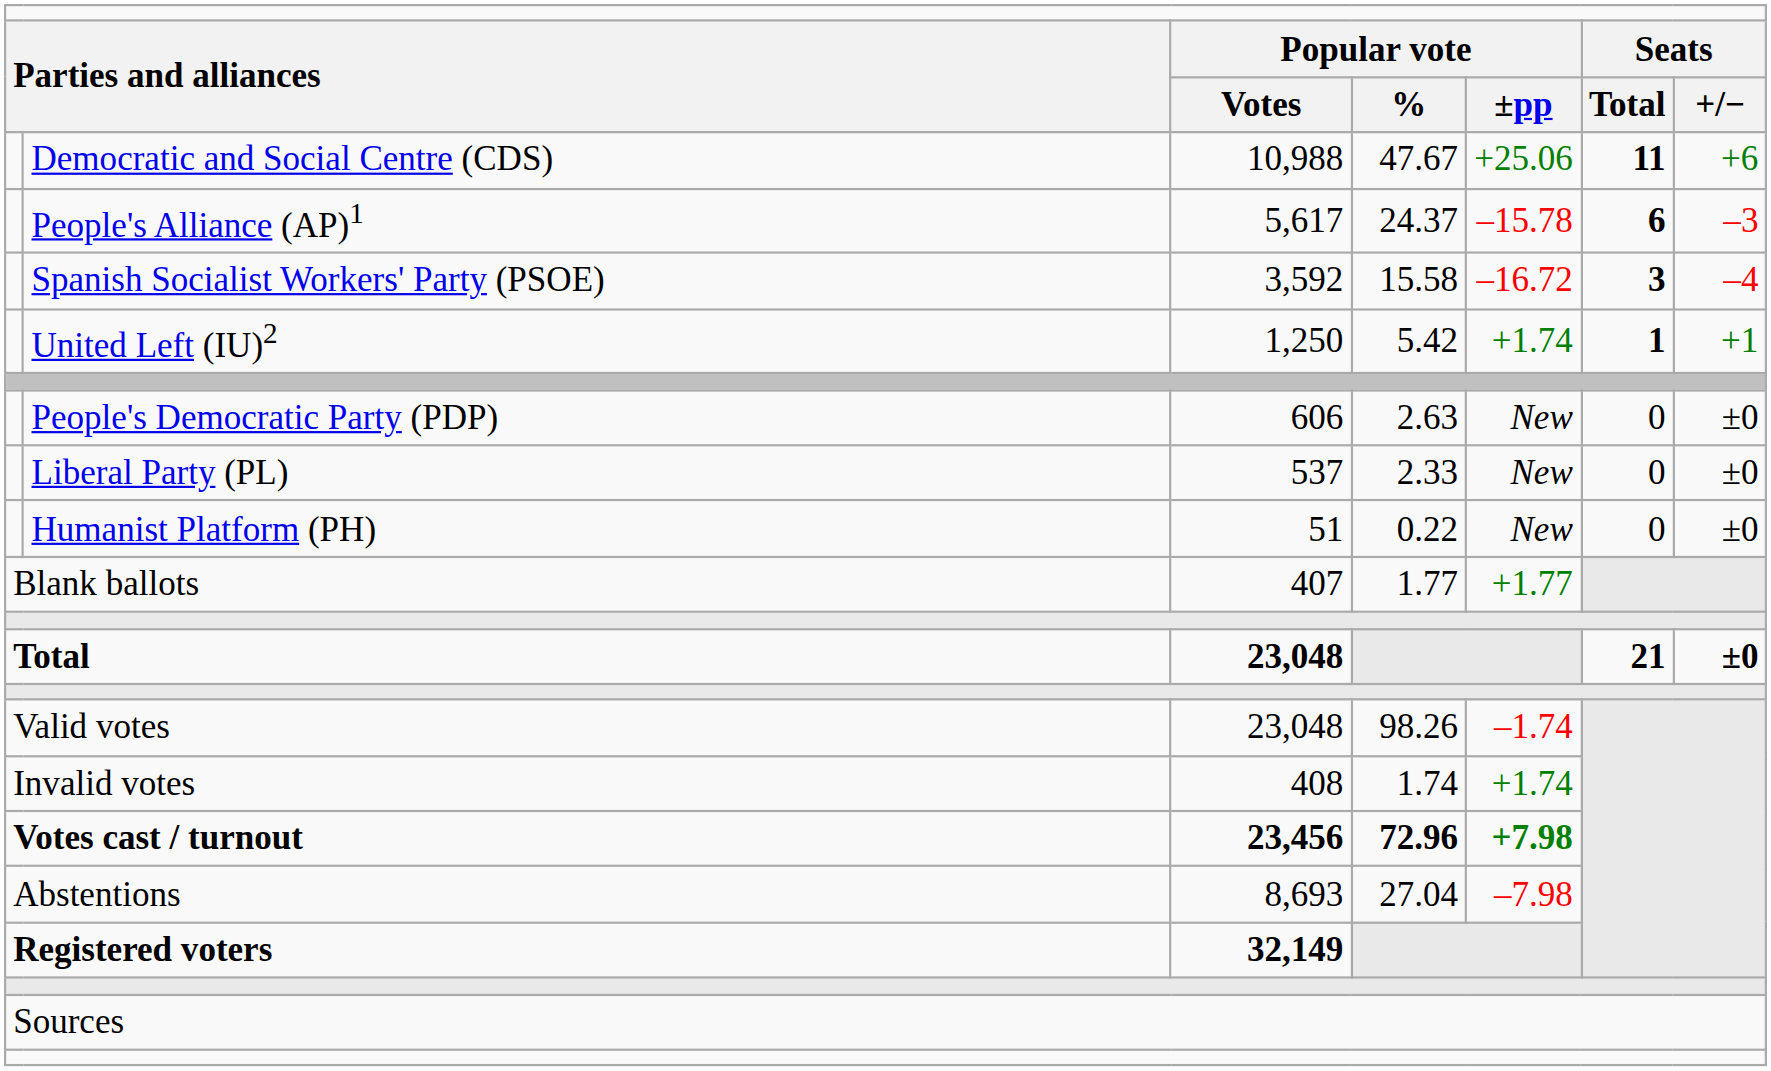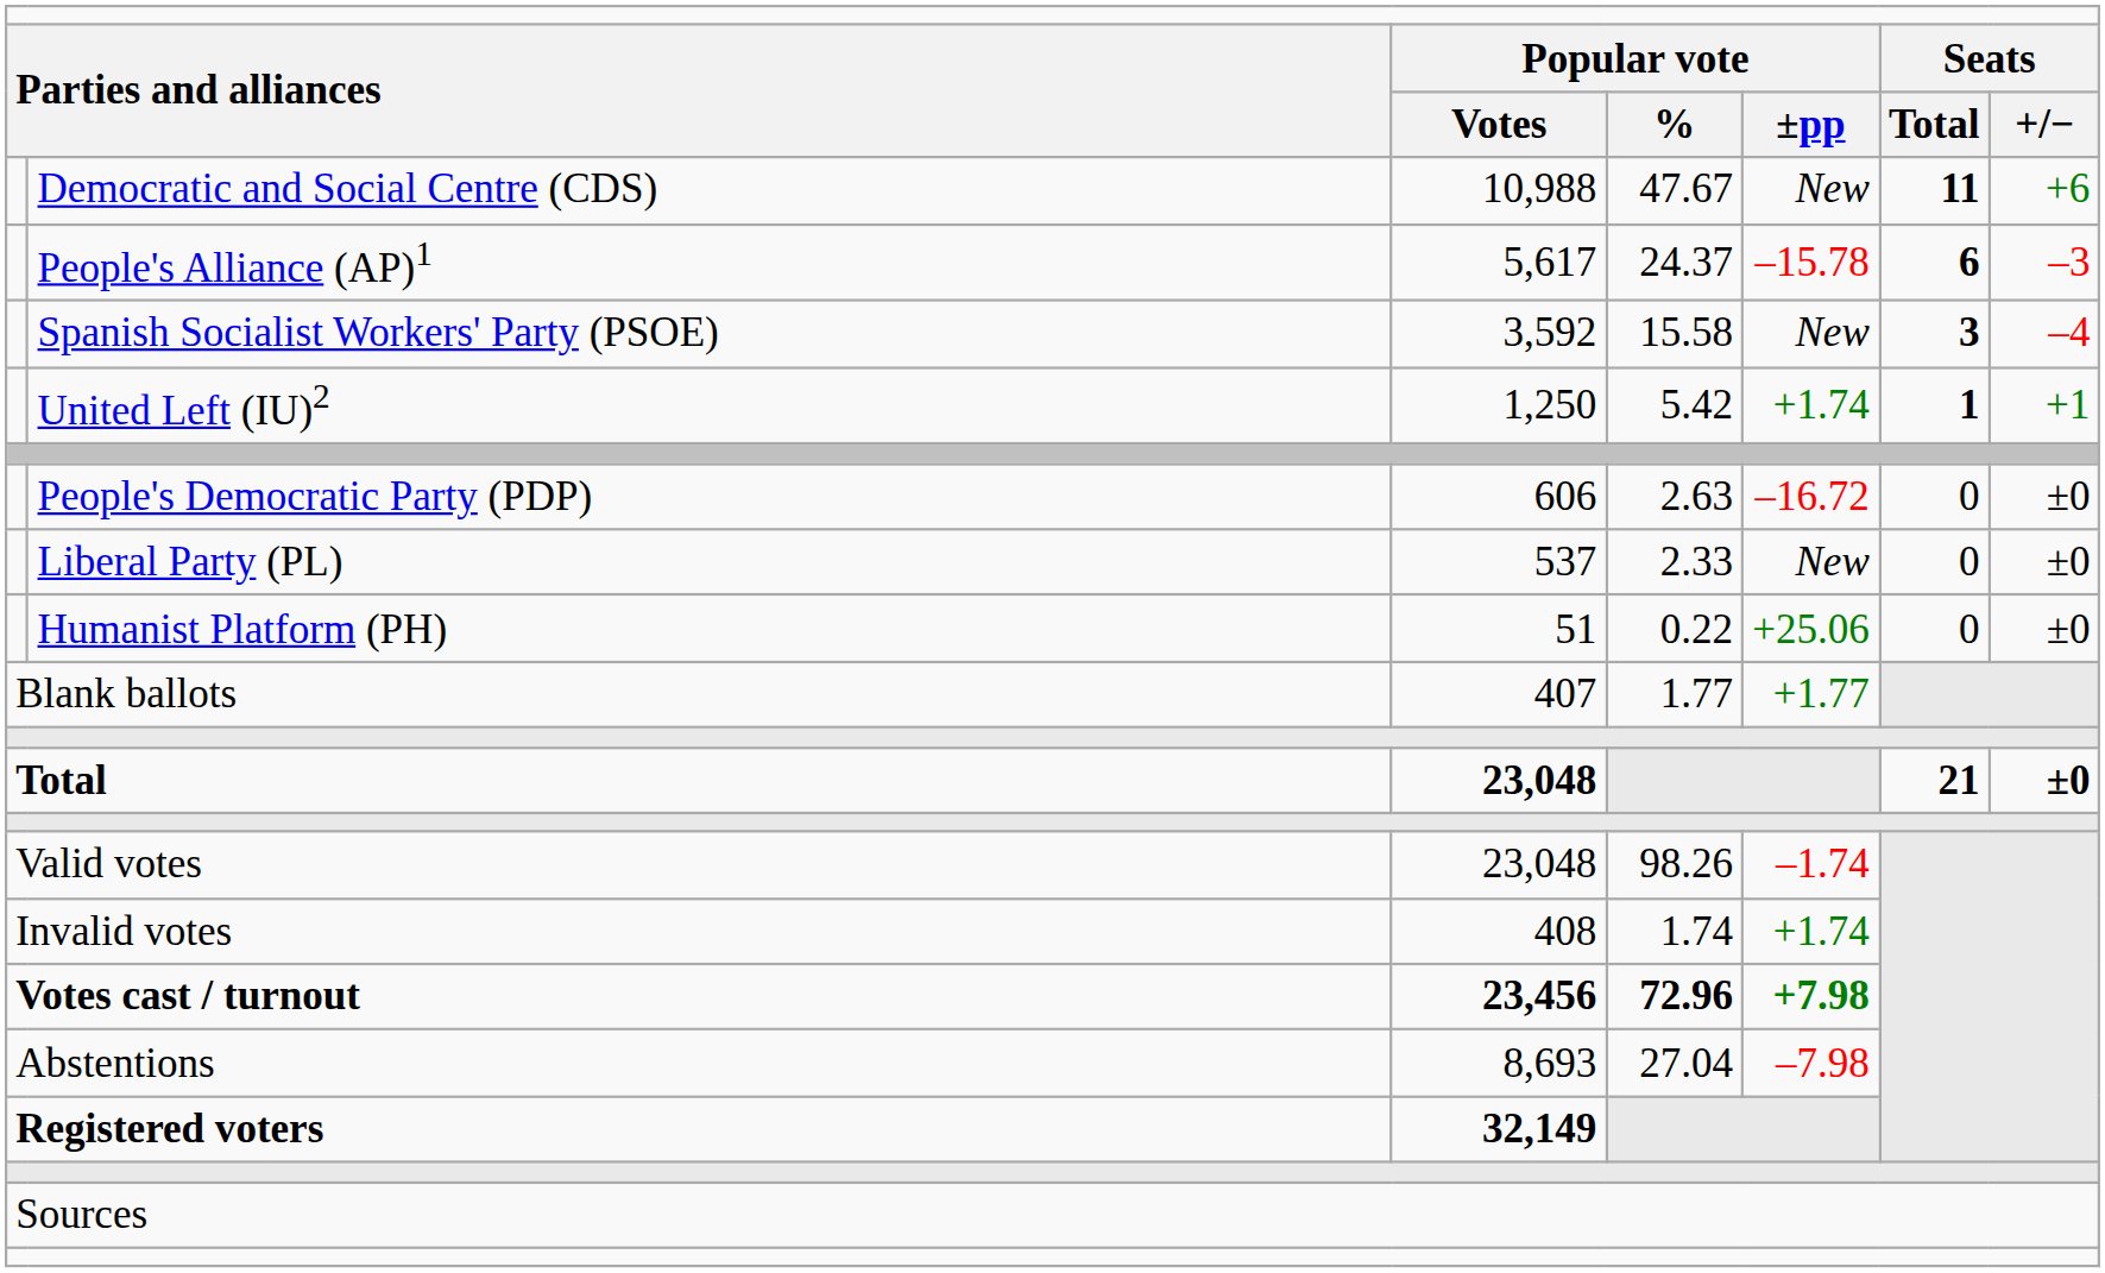 <table class="wikitable" style="text-align:right;">
 <tr>
 <td colspan="7"></td>
 </tr>
 <tr>
 <th style="text-align:left;" rowspan="2" colspan="2" width="525">Parties and alliances</th>
 <th colspan="3">Popular vote</th>
 <th colspan="2">Seats</th>
 </tr>
 <tr>
 <th width="75">Votes</th>
 <th width="45">%</th>
 <th width="45">±<a href='#'>pp</a></th>
 <th width="35">Total</th>
 <th width="35">+/−</th>
 </tr>
 <tr>
 <td width="1" style="color:inherit;background:"></td>
 <td align="left"><a href='#'>Democratic and Social Centre</a> (CDS)</td>
 <td>10,988</td>
 <td>47.67</td>
-<td style="color:green;">+25.06</td>
+<td><em>New</em></td>
 <td><strong>11</strong></td>
 <td style="color:green;">+6</td>
 </tr>
 <tr>
 <td style="color:inherit;background:"></td>
 <td align="left"><a href='#'>People's Alliance</a> (AP)<sup>1</sup></td>
 <td>5,617</td>
 <td>24.37</td>
 <td style="color:red;">–15.78</td>
 <td><strong>6</strong></td>
 <td style="color:red;">–3</td>
 </tr>
 <tr>
 <td style="color:inherit;background:"></td>
 <td align="left"><a href='#'>Spanish Socialist Workers' Party</a> (PSOE)</td>
 <td>3,592</td>
 <td>15.58</td>
-<td style="color:red;">–16.72</td>
+<td><em>New</em></td>
 <td><strong>3</strong></td>
 <td style="color:red;">–4</td>
 </tr>
 <tr>
 <td style="color:inherit;background:"></td>
 <td align="left"><a href='#'>United Left</a> (IU)<sup>2</sup></td>
 <td>1,250</td>
 <td>5.42</td>
 <td style="color:green;">+1.74</td>
 <td><strong>1</strong></td>
 <td style="color:green;">+1</td>
 </tr>
 <tr>
 <td colspan="7" bgcolor="#C0C0C0"></td>
 </tr>
 <tr>
 <td style="color:inherit;background:"></td>
 <td align="left"><a href='#'>People's Democratic Party</a> (PDP)</td>
 <td>606</td>
 <td>2.63</td>
-<td><em>New</em></td>
+<td style="color:red;">–16.72</td>
 <td>0</td>
 <td>±0</td>
 </tr>
 <tr>
 <td style="color:inherit;background:"></td>
 <td align="left"><a href='#'>Liberal Party</a> (PL)</td>
 <td>537</td>
 <td>2.33</td>
 <td><em>New</em></td>
 <td>0</td>
 <td>±0</td>
 </tr>
 <tr>
 <td style="color:inherit;background:"></td>
 <td align="left"><a href='#'>Humanist Platform</a> (PH)</td>
 <td>51</td>
 <td>0.22</td>
-<td><em>New</em></td>
+<td style="color:green;">+25.06</td>
 <td>0</td>
 <td>±0</td>
 </tr>
 <tr>
 <td align="left" colspan="2">Blank ballots</td>
 <td>407</td>
 <td>1.77</td>
 <td style="color:green;">+1.77</td>
 <td bgcolor="#E9E9E9" colspan="2"></td>
 </tr>
 <tr>
 <td colspan="7" bgcolor="#E9E9E9"></td>
 </tr>
 <tr style="font-weight:bold;">
 <td align="left" colspan="2">Total</td>
 <td>23,048</td>
 <td bgcolor="#E9E9E9" colspan="2"></td>
 <td>21</td>
 <td>±0</td>
 </tr>
 <tr>
 <td colspan="7" bgcolor="#E9E9E9"></td>
 </tr>
 <tr>
 <td align="left" colspan="2">Valid votes</td>
 <td>23,048</td>
 <td>98.26</td>
 <td style="color:red;">–1.74</td>
 <td bgcolor="#E9E9E9" colspan="2" rowspan="5"></td>
 </tr>
 <tr>
 <td align="left" colspan="2">Invalid votes</td>
 <td>408</td>
 <td>1.74</td>
 <td style="color:green;">+1.74</td>
 </tr>
 <tr style="font-weight:bold;">
 <td align="left" colspan="2">Votes cast / turnout</td>
 <td>23,456</td>
 <td>72.96</td>
 <td style="color:green;">+7.98</td>
 </tr>
 <tr>
 <td align="left" colspan="2">Abstentions</td>
 <td>8,693</td>
 <td>27.04</td>
 <td style="color:red;">–7.98</td>
 </tr>
 <tr style="font-weight:bold;">
 <td align="left" colspan="2">Registered voters</td>
 <td>32,149</td>
 <td bgcolor="#E9E9E9" colspan="2"></td>
 </tr>
 <tr>
 <td colspan="7" bgcolor="#E9E9E9"></td>
 </tr>
 <tr>
 <td align="left" colspan="7">Sources</td>
 </tr>
 <tr>
 <td colspan="7" style="text-align:left; max-width:790px;"></td>
 </tr>
 </table>
